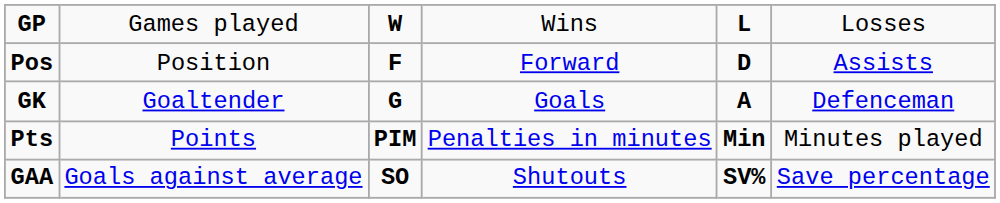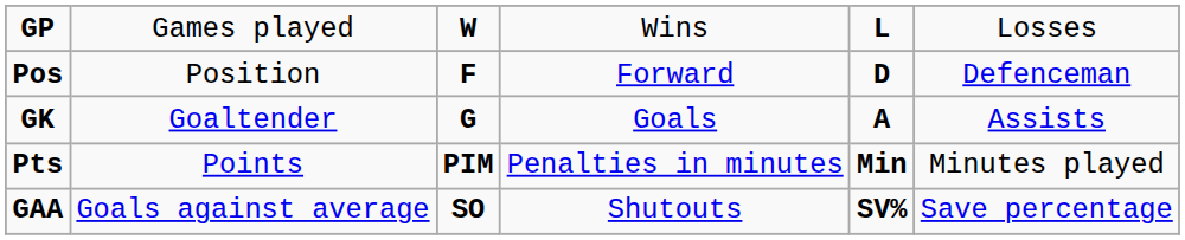 <table class="wikitable" style="text-align: center">
 <tr>
 <td><strong>GP</strong></td>
 <td>Games played</td>
 <td><strong>W</strong></td>
 <td>Wins</td>
 <td><strong>L</strong></td>
 <td>Losses</td>
 </tr>
 <tr>
 <td><strong>Pos</strong></td>
 <td>Position</td>
 <td><strong>F</strong></td>
 <td><a href='#'>Forward</a></td>
 <td><strong>D</strong></td>
-<td><a href='#'>Assists</a></td>
+<td><a href='#'>Defenceman</a></td>
 </tr>
 <tr>
 <td><strong>GK</strong></td>
 <td><a href='#'>Goaltender</a></td>
 <td><strong>G</strong></td>
 <td><a href='#'>Goals</a></td>
 <td><strong>A</strong></td>
-<td><a href='#'>Defenceman</a></td>
+<td><a href='#'>Assists</a></td>
 </tr>
 <tr>
 <td><strong>Pts</strong></td>
 <td><a href='#'>Points</a></td>
 <td><strong>PIM</strong></td>
 <td><a href='#'>Penalties in minutes</a></td>
 <td><strong>Min</strong></td>
 <td>Minutes played</td>
 </tr>
 <tr>
 <td><strong>GAA</strong></td>
 <td><a href='#'>Goals against average</a></td>
 <td><strong>SO</strong></td>
 <td><a href='#'>Shutouts</a></td>
 <td><strong>SV%</strong></td>
 <td><a href='#'>Save percentage</a></td>
 </tr>
 </table>
